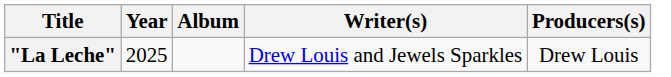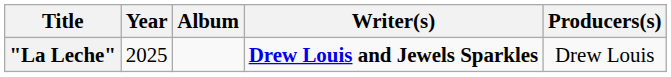 <table class="wikitable plainrowheaders" style=text-align:center;>
 <tr>
 <th scope="col">Title</th>
 <th scope="col">Year</th>
 <th scope="col">Album</th>
 <th scope="col">Writer(s)</th>
 <th scope="col">Producers(s)</th>
 </tr>
 <tr>
 <th scope="row">"La Leche"</th>
 <td rowspan="2">2025</td>
 <td></td>
-<td><a href='#'>Drew Louis</a> and Jewels Sparkles</td>
+<td><strong><a href='#'>Drew Louis</a> and Jewels Sparkles</strong></td>
 <td>Drew Louis</td>
 </tr>
 </table>
